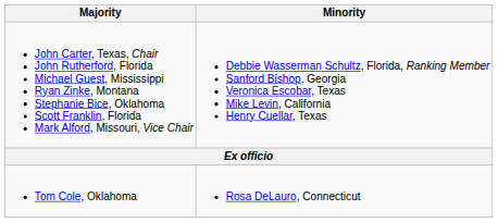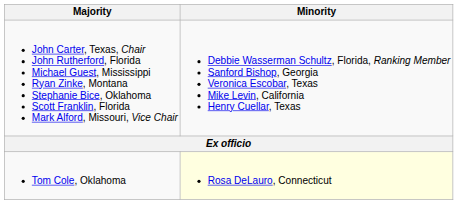 <table class=wikitable>
 <tr>
 <th>Majority</th>
 <th>Minority</th>
 </tr>
 <tr>
 <td><br><ul><li><a href='#'>John Carter</a>, Texas, <em>Chair</em></li><li><a href='#'>John Rutherford</a>, Florida</li><li><a href='#'>Michael Guest</a>, Mississippi</li><li><a href='#'>Ryan Zinke</a>, Montana</li><li><a href='#'>Stephanie Bice</a>, Oklahoma</li><li><a href='#'>Scott Franklin</a>, Florida</li><li><a href='#'>Mark Alford</a>, Missouri, <em>Vice Chair</em></li></ul></td>
 <td><br><ul><li><a href='#'>Debbie Wasserman Schultz</a>, Florida, <em>Ranking Member</em></li><li><a href='#'>Sanford Bishop</a>, Georgia</li><li><a href='#'>Veronica Escobar</a>, Texas</li><li><a href='#'>Mike Levin</a>, California</li><li><a href='#'>Henry Cuellar</a>, Texas</li></ul></td>
 </tr>
 <tr>
 <th colspan=2><em>Ex officio</em></th>
 </tr>
 <tr>
 <td><br><ul><li><a href='#'>Tom Cole</a>, Oklahoma</li></ul></td>
-<td><br><ul><li><a href='#'>Rosa DeLauro</a>, Connecticut</li></ul></td>
+<td style="background: lightyellow;"><br><ul><li><a href='#'>Rosa DeLauro</a>, Connecticut</li></ul></td>
 </tr>
 </table>
